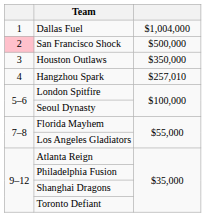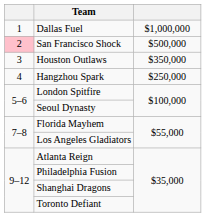 <table class="wikitable" style="text-align:center;">
 <tr>
 <th scope="col" style="width: 40px;"></th>
 <th>Team</th>
 <th scope="col" style="width: 100px;"></th>
 </tr>
 <tr>
 <td>1</td>
 <td style="text-align:left">Dallas Fuel</td>
-<td>$1,004,000</td>
+<td>$1,000,000</td>
 </tr>
 <tr>
 <td style="background: pink;">2</td>
 <td style="text-align:left">San Francisco Shock</td>
 <td>$500,000</td>
 </tr>
 <tr>
 <td>3</td>
 <td style="text-align:left">Houston Outlaws</td>
 <td>$350,000</td>
 </tr>
 <tr>
 <td>4</td>
 <td style="text-align:left">Hangzhou Spark</td>
-<td>$257,010</td>
+<td>$250,000</td>
 </tr>
 <tr>
 <td rowspan=2>5–6</td>
 <td style="text-align:left">London Spitfire</td>
 <td rowspan=2>$100,000</td>
 </tr>
 <tr>
 <td style="text-align:left">Seoul Dynasty</td>
 </tr>
 <tr>
 <td rowspan=2>7–8</td>
 <td style="text-align:left">Florida Mayhem</td>
 <td rowspan=2>$55,000</td>
 </tr>
 <tr>
 <td style="text-align:left">Los Angeles Gladiators</td>
 </tr>
 <tr>
 <td rowspan=4>9–12</td>
 <td style="text-align:left">Atlanta Reign</td>
 <td rowspan=4>$35,000</td>
 </tr>
 <tr>
 <td style="text-align:left">Philadelphia Fusion</td>
 </tr>
 <tr>
 <td style="text-align:left">Shanghai Dragons</td>
 </tr>
 <tr>
 <td style="text-align:left">Toronto Defiant</td>
 </tr>
 </table>
